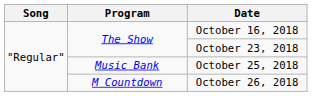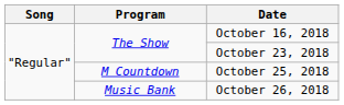 <table class="wikitable" style="text-align:center;">
 <tr>
 <th>Song</th>
 <th style="width:140px;">Program</th>
 <th style="width:140px;">Date</th>
 </tr>
 <tr>
 <td rowspan="5">"Regular"</td>
 <td rowspan="2"><em><a href='#'>The Show</a></em></td>
 <td>October 16, 2018</td>
 </tr>
 <tr>
 <td>October 23, 2018</td>
 </tr>
 <tr>
-<td><em><a href='#'>Music Bank</a></em></td>
+<td><em><a href='#'>M Countdown</a></em></td>
 <td>October 25, 2018</td>
 </tr>
 <tr>
-<td><em><a href='#'>M Countdown</a></em></td>
+<td><em><a href='#'>Music Bank</a></em></td>
 <td>October 26, 2018</td>
 </tr>
 </table>
